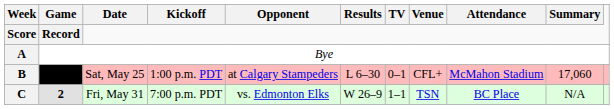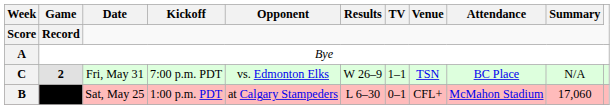 <table class="wikitable" style="font-size: 95%;">
 <tr>
 <th scope="col">Week</th>
 <th scope="col">Game</th>
 <th scope="col">Date</th>
 <th scope="col">Kickoff</th>
 <th scope="col">Opponent</th>
 <th scope="col">Results</th>
 <th scope="col">TV</th>
 <th scope="col">Venue</th>
 <th scope="col">Attendance</th>
 <th scope="col">Summary</th>
 </tr>
 <tr>
 <th scope="col">Score</th>
 <th scope="col">Record</th>
 </tr>
 <tr align="center" bgcolor="ffffff">
 <th align="center"><strong>A</strong></th>
 <td colspan=10 align="center" valign="middle"><em>Bye</em></td>
 </tr>
+<tr align="center" bgcolor="ddffdd">
+<th align="center"><strong>C</strong></th>
+<th style="text-align:center; background:#E1E1E1;"><span><strong>2</strong></span></th>
+<td align="center">Fri, May 31</td>
+<td align="center">7:00 p.m. PDT</td>
+<td align="center">vs. <a href='#'>Edmonton Elks</a></td>
+<td align="center">W 26–9</td>
+<td align="center">1–1</td>
+<td align="center"><a href='#'>TSN</a></td>
+<td align="center"><a href='#'>BC Place</a></td>
+<td align="center">N/A</td>
+<td align="center"></td>
+</tr>
 <tr align="center" bgcolor="#ffbbbb">
 <th align="center"><strong>B</strong></th>
 <th style="text-align:center; background:black;"><span><strong>1</strong></span></th>
 <td align="center">Sat, May 25</td>
 <td align="center">1:00 p.m. <a href='#'>PDT</a></td>
 <td align="center">at <a href='#'>Calgary Stampeders</a></td>
 <td align="center">L 6–30</td>
 <td align="center">0–1</td>
 <td align="center">CFL+</td>
 <td align="center"><a href='#'>McMahon Stadium</a></td>
 <td align="center">17,060</td>
 <td align="center"></td>
 </tr>
-<tr align="center" bgcolor="ddffdd">
-<th align="center"><strong>C</strong></th>
-<th style="text-align:center; background:#E1E1E1;"><span><strong>2</strong></span></th>
-<td align="center">Fri, May 31</td>
-<td align="center">7:00 p.m. PDT</td>
-<td align="center">vs. <a href='#'>Edmonton Elks</a></td>
-<td align="center">W 26–9</td>
-<td align="center">1–1</td>
-<td align="center"><a href='#'>TSN</a></td>
-<td align="center"><a href='#'>BC Place</a></td>
-<td align="center">N/A</td>
-<td align="center"></td>
-</tr>
 </table>
